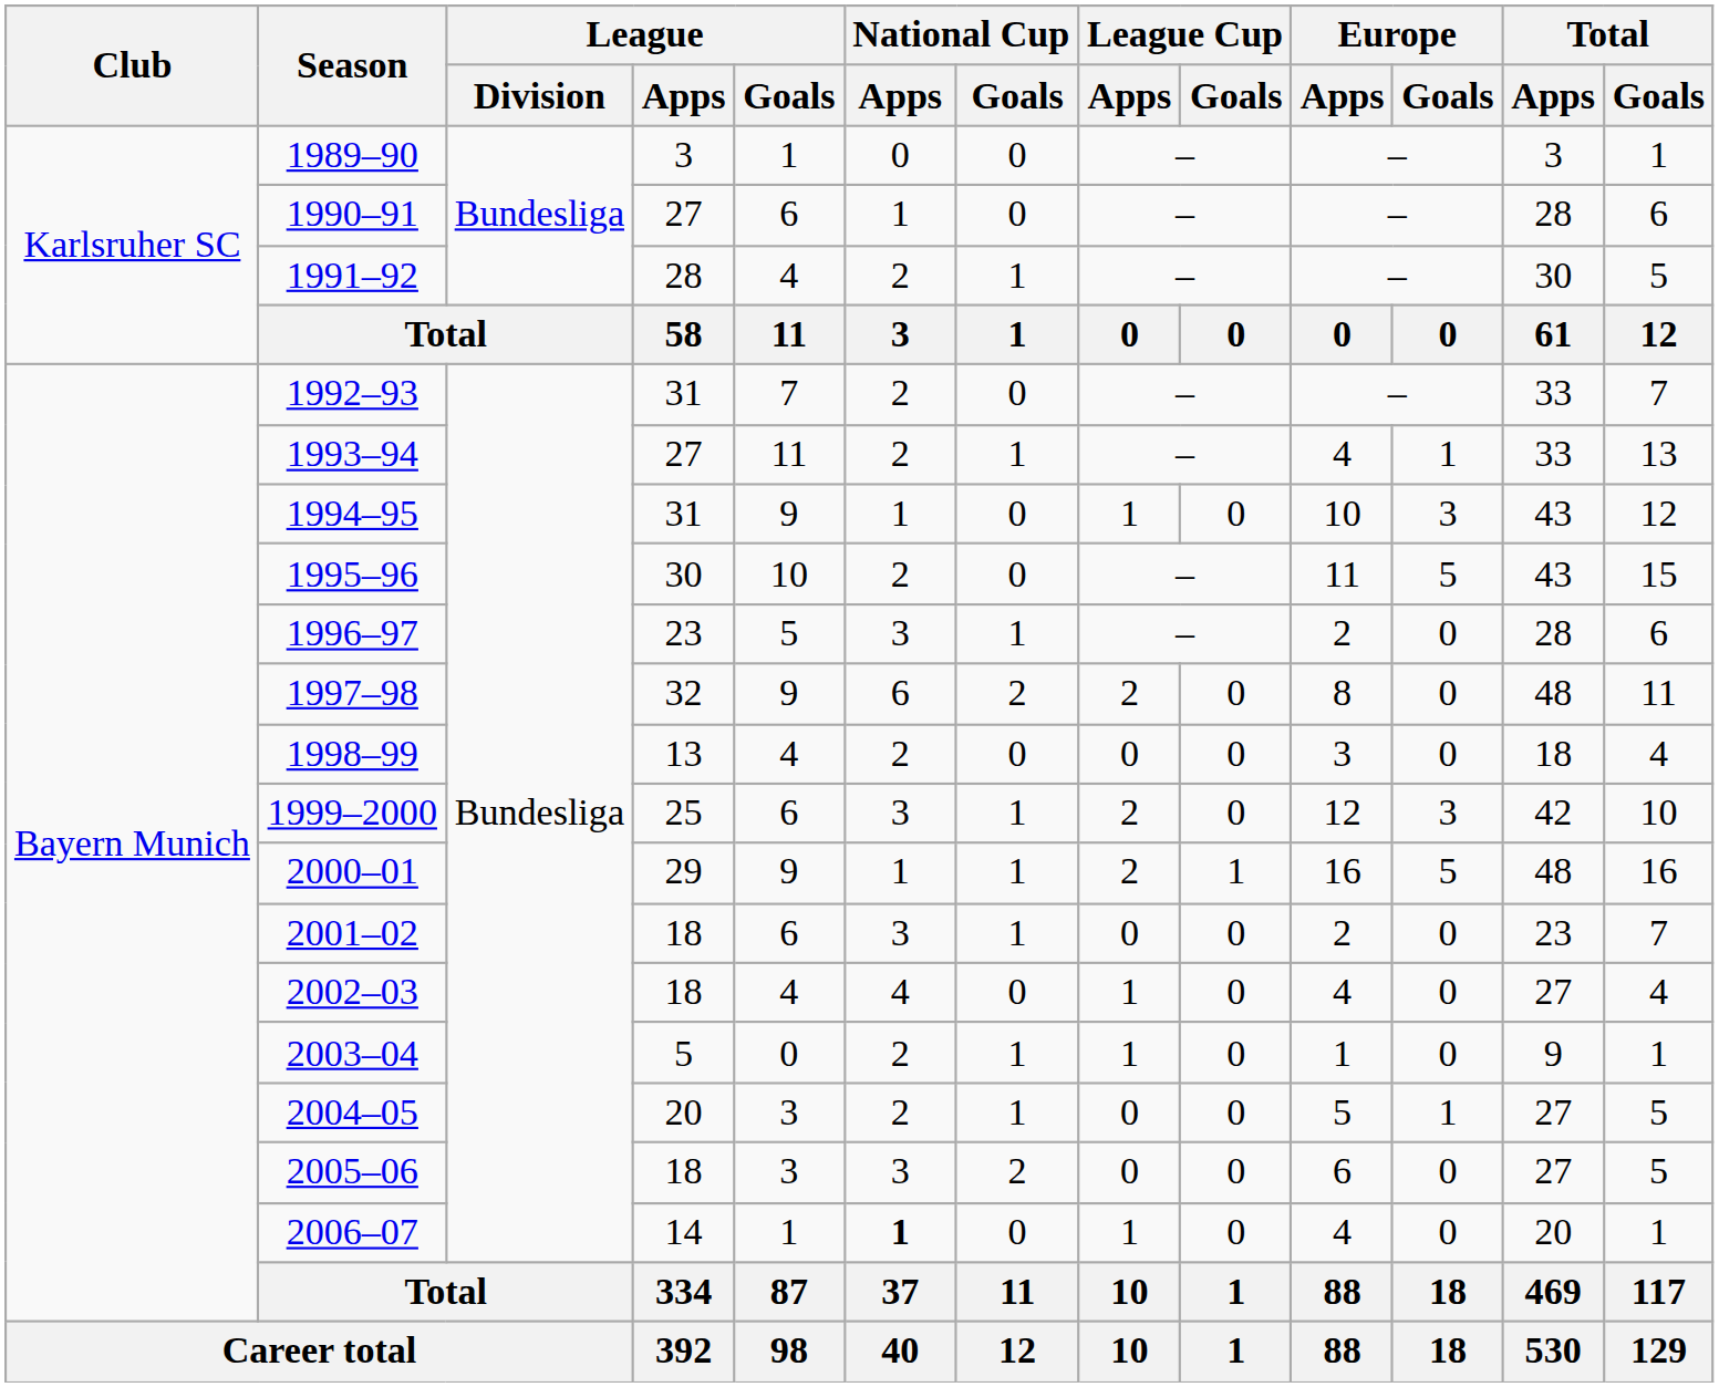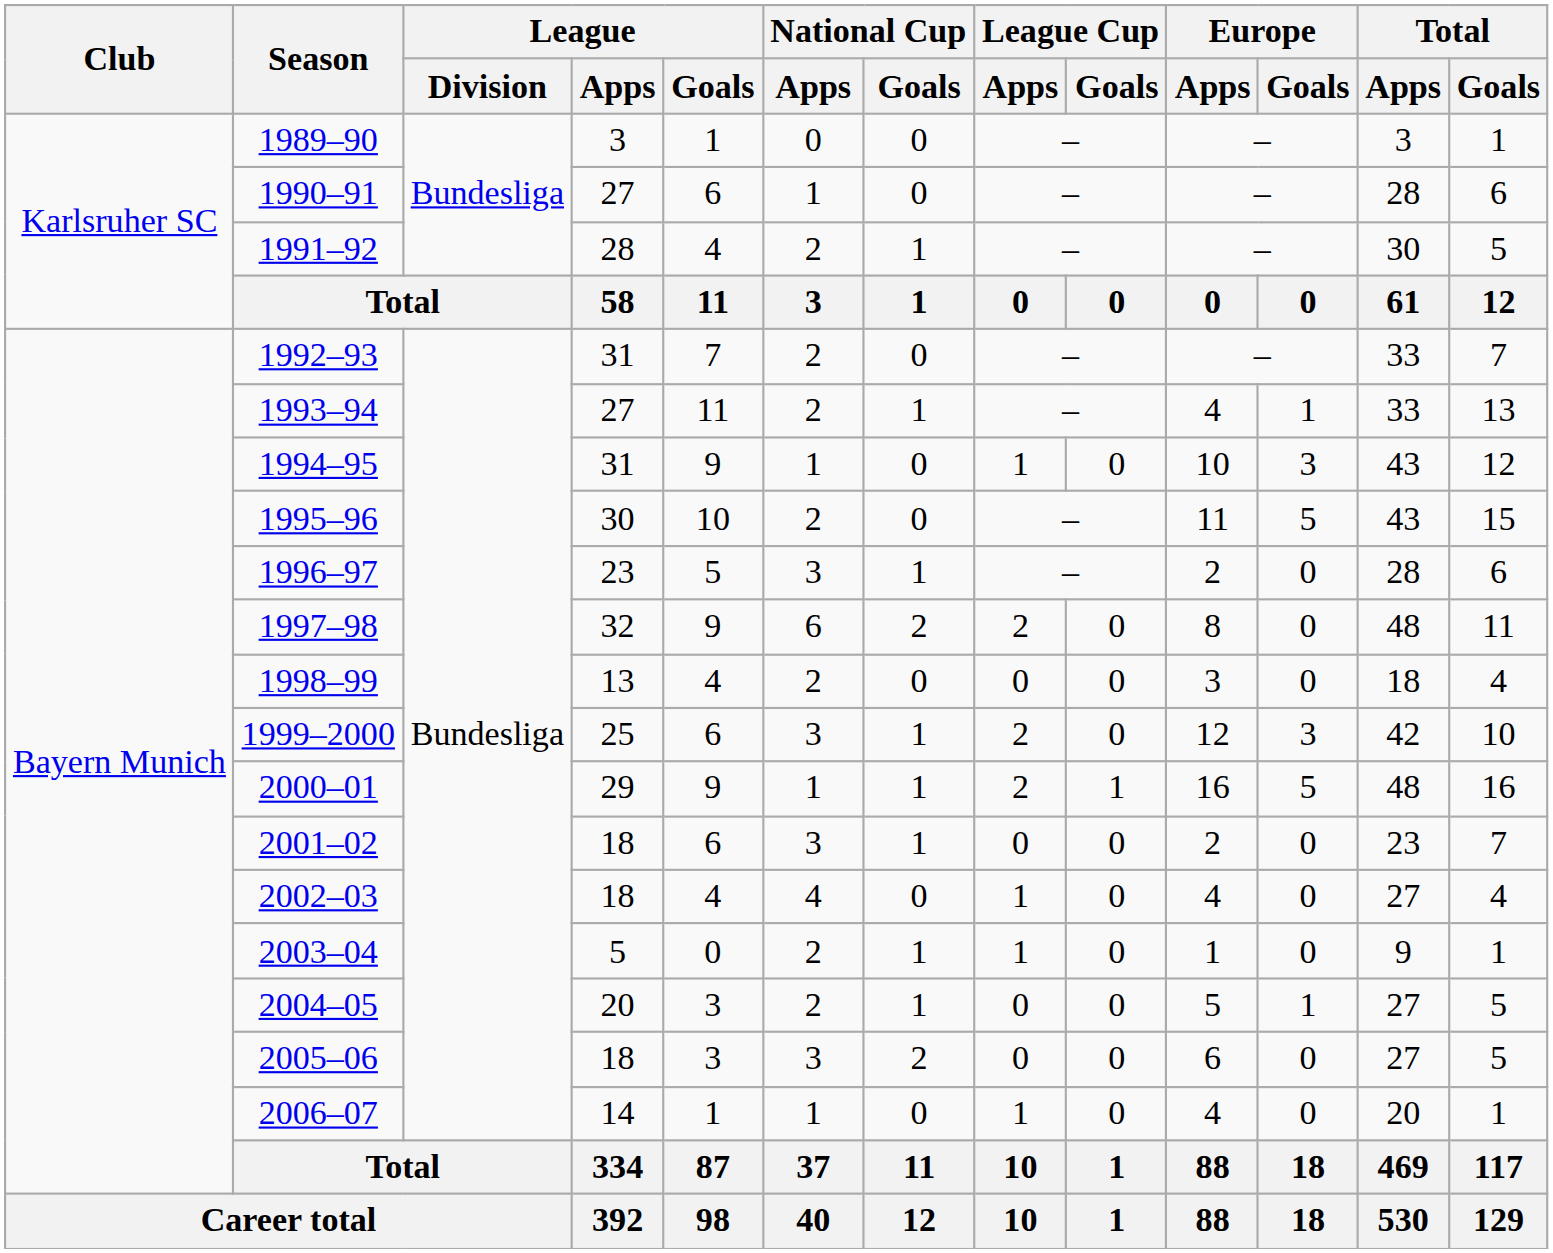 <table class=wikitable style=text-align:center>
 <tr>
 <th rowspan=2>Club</th>
 <th rowspan=2>Season</th>
 <th colspan=3>League</th>
 <th colspan=2>National Cup</th>
 <th colspan=2>League Cup</th>
 <th colspan=2>Europe</th>
 <th colspan=2>Total</th>
 </tr>
 <tr>
 <th>Division</th>
 <th>Apps</th>
 <th>Goals</th>
 <th>Apps</th>
 <th>Goals</th>
 <th>Apps</th>
 <th>Goals</th>
 <th>Apps</th>
 <th>Goals</th>
 <th>Apps</th>
 <th>Goals</th>
 </tr>
 <tr>
 <td rowspan="4"><a href='#'>Karlsruher SC</a></td>
 <td><a href='#'>1989–90</a></td>
 <td rowspan="3"><a href='#'>Bundesliga</a></td>
 <td>3</td>
 <td>1</td>
 <td>0</td>
 <td>0</td>
 <td colspan="2">–</td>
 <td colspan="2">–</td>
 <td>3</td>
 <td>1</td>
 </tr>
 <tr>
 <td><a href='#'>1990–91</a></td>
 <td>27</td>
 <td>6</td>
 <td>1</td>
 <td>0</td>
 <td colspan="2">–</td>
 <td colspan="2">–</td>
 <td>28</td>
 <td>6</td>
 </tr>
 <tr>
 <td><a href='#'>1991–92</a></td>
 <td>28</td>
 <td>4</td>
 <td>2</td>
 <td>1</td>
 <td colspan="2">–</td>
 <td colspan="2">–</td>
 <td>30</td>
 <td>5</td>
 </tr>
 <tr>
 <th colspan="2">Total</th>
 <th>58</th>
 <th>11</th>
 <th>3</th>
 <th>1</th>
 <th>0</th>
 <th>0</th>
 <th>0</th>
 <th>0</th>
 <th>61</th>
 <th>12</th>
 </tr>
 <tr>
 <td rowspan="16"><a href='#'>Bayern Munich</a></td>
 <td><a href='#'>1992–93</a></td>
 <td rowspan="15">Bundesliga</td>
 <td>31</td>
 <td>7</td>
 <td>2</td>
 <td>0</td>
 <td colspan="2">–</td>
 <td colspan="2">–</td>
 <td>33</td>
 <td>7</td>
 </tr>
 <tr>
 <td><a href='#'>1993–94</a></td>
 <td>27</td>
 <td>11</td>
 <td>2</td>
 <td>1</td>
 <td colspan="2">–</td>
 <td>4</td>
 <td>1</td>
 <td>33</td>
 <td>13</td>
 </tr>
 <tr>
 <td><a href='#'>1994–95</a></td>
 <td>31</td>
 <td>9</td>
 <td>1</td>
 <td>0</td>
 <td>1</td>
 <td>0</td>
 <td>10</td>
 <td>3</td>
 <td>43</td>
 <td>12</td>
 </tr>
 <tr>
 <td><a href='#'>1995–96</a></td>
 <td>30</td>
 <td>10</td>
 <td>2</td>
 <td>0</td>
 <td colspan="2">–</td>
 <td>11</td>
 <td>5</td>
 <td>43</td>
 <td>15</td>
 </tr>
 <tr>
 <td><a href='#'>1996–97</a></td>
 <td>23</td>
 <td>5</td>
 <td>3</td>
 <td>1</td>
 <td colspan="2">–</td>
 <td>2</td>
 <td>0</td>
 <td>28</td>
 <td>6</td>
 </tr>
 <tr>
 <td><a href='#'>1997–98</a></td>
 <td>32</td>
 <td>9</td>
 <td>6</td>
 <td>2</td>
 <td>2</td>
 <td>0</td>
 <td>8</td>
 <td>0</td>
 <td>48</td>
 <td>11</td>
 </tr>
 <tr>
 <td><a href='#'>1998–99</a></td>
 <td>13</td>
 <td>4</td>
 <td>2</td>
 <td>0</td>
 <td>0</td>
 <td>0</td>
 <td>3</td>
 <td>0</td>
 <td>18</td>
 <td>4</td>
 </tr>
 <tr>
 <td><a href='#'>1999–2000</a></td>
 <td>25</td>
 <td>6</td>
 <td>3</td>
 <td>1</td>
 <td>2</td>
 <td>0</td>
 <td>12</td>
 <td>3</td>
 <td>42</td>
 <td>10</td>
 </tr>
 <tr>
 <td><a href='#'>2000–01</a></td>
 <td>29</td>
 <td>9</td>
 <td>1</td>
 <td>1</td>
 <td>2</td>
 <td>1</td>
 <td>16</td>
 <td>5</td>
 <td>48</td>
 <td>16</td>
 </tr>
 <tr>
 <td><a href='#'>2001–02</a></td>
 <td>18</td>
 <td>6</td>
 <td>3</td>
 <td>1</td>
 <td>0</td>
 <td>0</td>
 <td>2</td>
 <td>0</td>
 <td>23</td>
 <td>7</td>
 </tr>
 <tr>
 <td><a href='#'>2002–03</a></td>
 <td>18</td>
 <td>4</td>
 <td>4</td>
 <td>0</td>
 <td>1</td>
 <td>0</td>
 <td>4</td>
 <td>0</td>
 <td>27</td>
 <td>4</td>
 </tr>
 <tr>
 <td><a href='#'>2003–04</a></td>
 <td>5</td>
 <td>0</td>
 <td>2</td>
 <td>1</td>
 <td>1</td>
 <td>0</td>
 <td>1</td>
 <td>0</td>
 <td>9</td>
 <td>1</td>
 </tr>
 <tr>
 <td><a href='#'>2004–05</a></td>
 <td>20</td>
 <td>3</td>
 <td>2</td>
 <td>1</td>
 <td>0</td>
 <td>0</td>
 <td>5</td>
 <td>1</td>
 <td>27</td>
 <td>5</td>
 </tr>
 <tr>
 <td><a href='#'>2005–06</a></td>
 <td>18</td>
 <td>3</td>
 <td>3</td>
 <td>2</td>
 <td>0</td>
 <td>0</td>
 <td>6</td>
 <td>0</td>
 <td>27</td>
 <td>5</td>
 </tr>
 <tr>
 <td><a href='#'>2006–07</a></td>
 <td>14</td>
 <td>1</td>
-<td><strong>1</strong></td>
+<td>1</td>
 <td>0</td>
 <td>1</td>
 <td>0</td>
 <td>4</td>
 <td>0</td>
 <td>20</td>
 <td>1</td>
 </tr>
 <tr>
 <th colspan="2">Total</th>
 <th>334</th>
 <th>87</th>
 <th>37</th>
 <th>11</th>
 <th>10</th>
 <th>1</th>
 <th>88</th>
 <th>18</th>
 <th>469</th>
 <th>117</th>
 </tr>
 <tr>
 <th colspan="3">Career total</th>
 <th>392</th>
 <th>98</th>
 <th>40</th>
 <th>12</th>
 <th>10</th>
 <th>1</th>
 <th>88</th>
 <th>18</th>
 <th>530</th>
 <th>129</th>
 </tr>
 </table>
